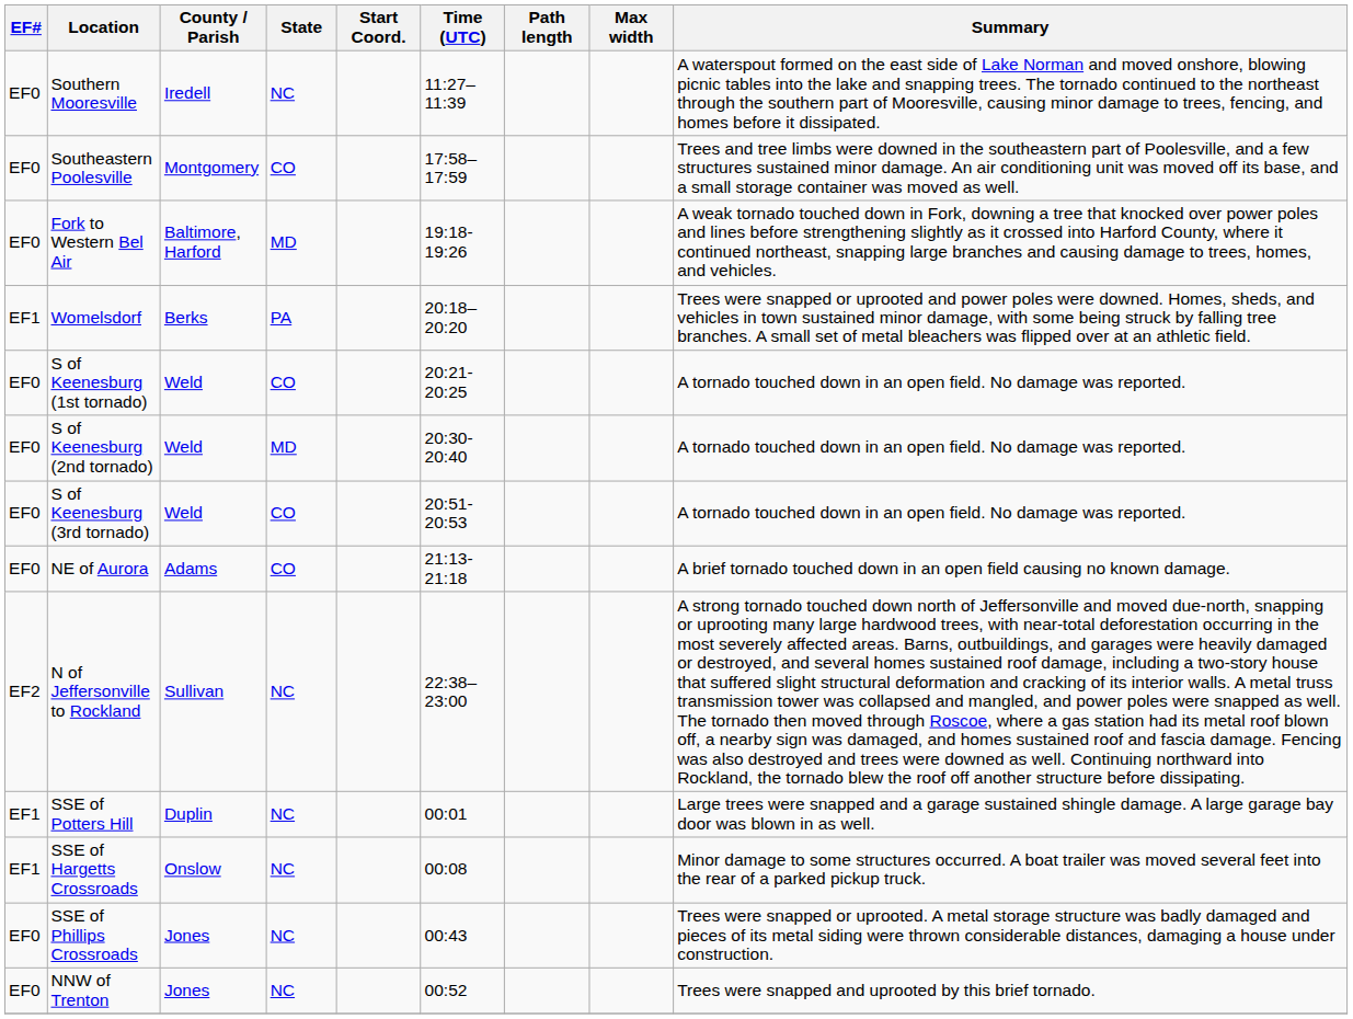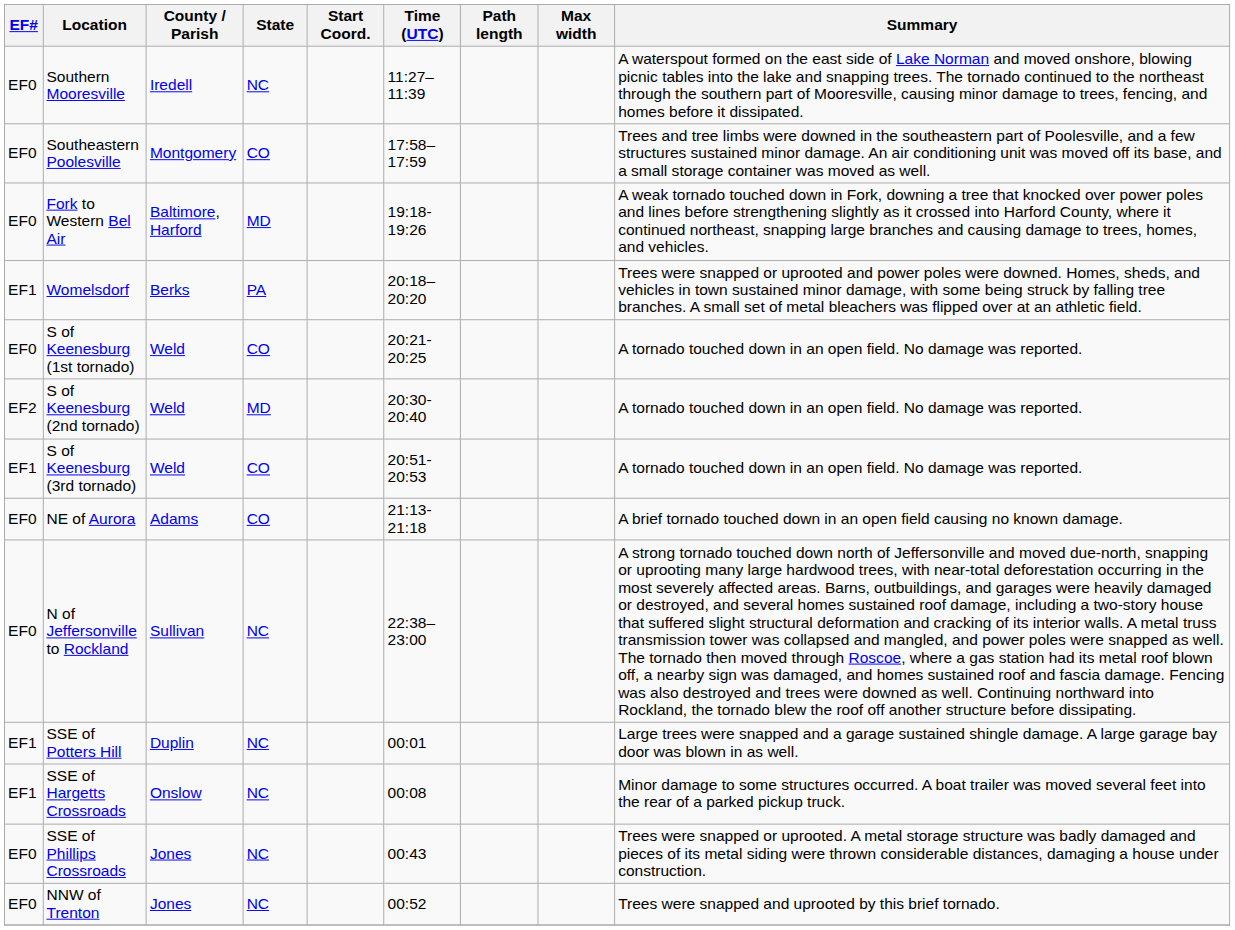 <table class="wikitable sortable" style="width:100%;">
 <tr>
 <th scope="col"  style="width:3%; text-align:center;"><a href='#'>EF#</a></th>
 <th scope="col"  style="width:7%; text-align:center;" class="unsortable">Location</th>
 <th scope="col"  style="width:6%; text-align:center;" class="unsortable">County / Parish</th>
 <th scope="col"  style="width:5%; text-align:center;">State</th>
 <th scope="col"  style="width:6%; text-align:center;">Start Coord.</th>
 <th scope="col"  style="width:6%; text-align:center;">Time (<a href='#'>UTC</a>)</th>
 <th scope="col"  style="width:6%; text-align:center;">Path length</th>
 <th scope="col"  style="width:6%; text-align:center;">Max width</th>
 <th scope="col" class="unsortable" style="width:48%; text-align:center;">Summary</th>
 </tr>
 <tr>
 <td>EF0</td>
 <td>Southern <a href='#'>Mooresville</a></td>
 <td><a href='#'>Iredell</a></td>
 <td><a href='#'>NC</a></td>
 <td></td>
 <td>11:27–11:39</td>
 <td></td>
 <td></td>
 <td>A waterspout formed on the east side of <a href='#'>Lake Norman</a> and moved onshore, blowing picnic tables into the lake and snapping trees. The tornado continued to the northeast through the southern part of Mooresville, causing minor damage to trees, fencing, and homes before it dissipated.</td>
 </tr>
 <tr>
 <td>EF0</td>
 <td>Southeastern <a href='#'>Poolesville</a></td>
 <td><a href='#'>Montgomery</a></td>
 <td><a href='#'>CO</a></td>
 <td></td>
 <td>17:58–17:59</td>
 <td></td>
 <td></td>
 <td>Trees and tree limbs were downed in the southeastern part of Poolesville, and a few structures sustained minor damage. An air conditioning unit was moved off its base, and a small storage container was moved as well.</td>
 </tr>
 <tr>
 <td>EF0</td>
 <td><a href='#'>Fork</a> to Western <a href='#'>Bel Air</a></td>
 <td><a href='#'>Baltimore</a>, <a href='#'>Harford</a></td>
 <td><a href='#'>MD</a></td>
 <td></td>
 <td>19:18-19:26</td>
 <td></td>
 <td></td>
 <td>A weak tornado touched down in Fork, downing a tree that knocked over power poles and lines before strengthening slightly as it crossed into Harford County, where it continued northeast, snapping large branches and causing damage to trees, homes, and vehicles.</td>
 </tr>
 <tr>
 <td>EF1</td>
 <td><a href='#'>Womelsdorf</a></td>
 <td><a href='#'>Berks</a></td>
 <td><a href='#'>PA</a></td>
 <td></td>
 <td>20:18–20:20</td>
 <td></td>
 <td></td>
 <td>Trees were snapped or uprooted and power poles were downed. Homes, sheds, and vehicles in town sustained minor damage, with some being struck by falling tree branches. A small set of metal bleachers was flipped over at an athletic field.</td>
 </tr>
 <tr>
 <td>EF0</td>
 <td>S of <a href='#'>Keenesburg</a> (1st tornado)</td>
 <td><a href='#'>Weld</a></td>
 <td><a href='#'>CO</a></td>
 <td></td>
 <td>20:21-20:25</td>
 <td></td>
 <td></td>
 <td>A tornado touched down in an open field. No damage was reported.</td>
 </tr>
 <tr>
-<td>EF0</td>
+<td>EF2</td>
 <td>S of <a href='#'>Keenesburg</a> (2nd tornado)</td>
 <td><a href='#'>Weld</a></td>
 <td><a href='#'>MD</a></td>
 <td></td>
 <td>20:30-20:40</td>
 <td></td>
 <td></td>
 <td>A tornado touched down in an open field. No damage was reported.</td>
 </tr>
 <tr>
-<td>EF0</td>
+<td>EF1</td>
 <td>S of <a href='#'>Keenesburg</a> (3rd tornado)</td>
 <td><a href='#'>Weld</a></td>
 <td><a href='#'>CO</a></td>
 <td></td>
 <td>20:51-20:53</td>
 <td></td>
 <td></td>
 <td>A tornado touched down in an open field. No damage was reported.</td>
 </tr>
 <tr>
 <td>EF0</td>
 <td>NE of <a href='#'>Aurora</a></td>
 <td><a href='#'>Adams</a></td>
 <td><a href='#'>CO</a></td>
 <td></td>
 <td>21:13-21:18</td>
 <td></td>
 <td></td>
 <td>A brief tornado touched down in an open field causing no known damage.</td>
 </tr>
 <tr>
-<td>EF2</td>
+<td>EF0</td>
 <td>N of <a href='#'>Jeffersonville</a> to <a href='#'>Rockland</a></td>
 <td><a href='#'>Sullivan</a></td>
 <td><a href='#'>NC</a></td>
 <td></td>
 <td>22:38–23:00</td>
 <td></td>
 <td></td>
 <td>A strong tornado touched down north of Jeffersonville and moved due-north, snapping or uprooting many large hardwood trees, with near-total deforestation occurring in the most severely affected areas. Barns, outbuildings, and garages were heavily damaged or destroyed, and several homes sustained roof damage, including a two-story house that suffered slight structural deformation and cracking of its interior walls. A  metal truss transmission tower was collapsed and mangled, and power poles were snapped as well. The tornado then moved through <a href='#'>Roscoe</a>, where a gas station had its metal roof blown off, a nearby sign was damaged, and homes sustained roof and fascia damage. Fencing was also destroyed and trees were downed as well. Continuing northward into Rockland, the tornado blew the roof off another structure before dissipating.</td>
 </tr>
 <tr>
 <td>EF1</td>
 <td>SSE of <a href='#'>Potters Hill</a></td>
 <td><a href='#'>Duplin</a></td>
 <td><a href='#'>NC</a></td>
 <td></td>
 <td>00:01</td>
 <td></td>
 <td></td>
 <td>Large trees were snapped and a garage sustained shingle damage. A large garage bay door was blown in as well.</td>
 </tr>
 <tr>
 <td>EF1</td>
 <td>SSE of <a href='#'>Hargetts Crossroads</a></td>
 <td><a href='#'>Onslow</a></td>
 <td><a href='#'>NC</a></td>
 <td></td>
 <td>00:08</td>
 <td></td>
 <td></td>
 <td>Minor damage to some structures occurred. A boat trailer was moved several feet into the rear of a parked pickup truck.</td>
 </tr>
 <tr>
 <td>EF0</td>
 <td>SSE of <a href='#'>Phillips Crossroads</a></td>
 <td><a href='#'>Jones</a></td>
 <td><a href='#'>NC</a></td>
 <td></td>
 <td>00:43</td>
 <td></td>
 <td></td>
 <td>Trees were snapped or uprooted. A metal storage structure was badly damaged and pieces of its metal siding were thrown considerable distances, damaging a house under construction.</td>
 </tr>
 <tr>
 <td>EF0</td>
 <td>NNW of <a href='#'>Trenton</a></td>
 <td><a href='#'>Jones</a></td>
 <td><a href='#'>NC</a></td>
 <td></td>
 <td>00:52</td>
 <td></td>
 <td></td>
 <td>Trees were snapped and uprooted by this brief tornado.</td>
 </tr>
 <tr>
 </tr>
 </table>
